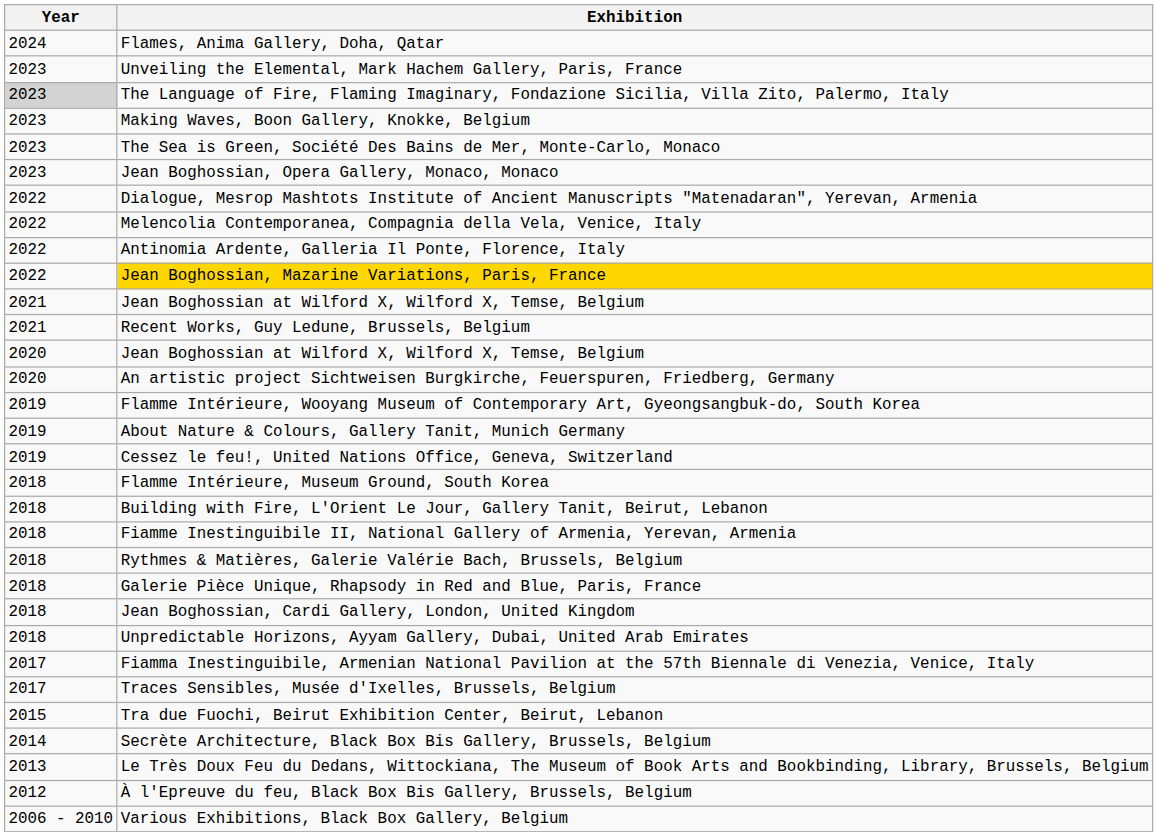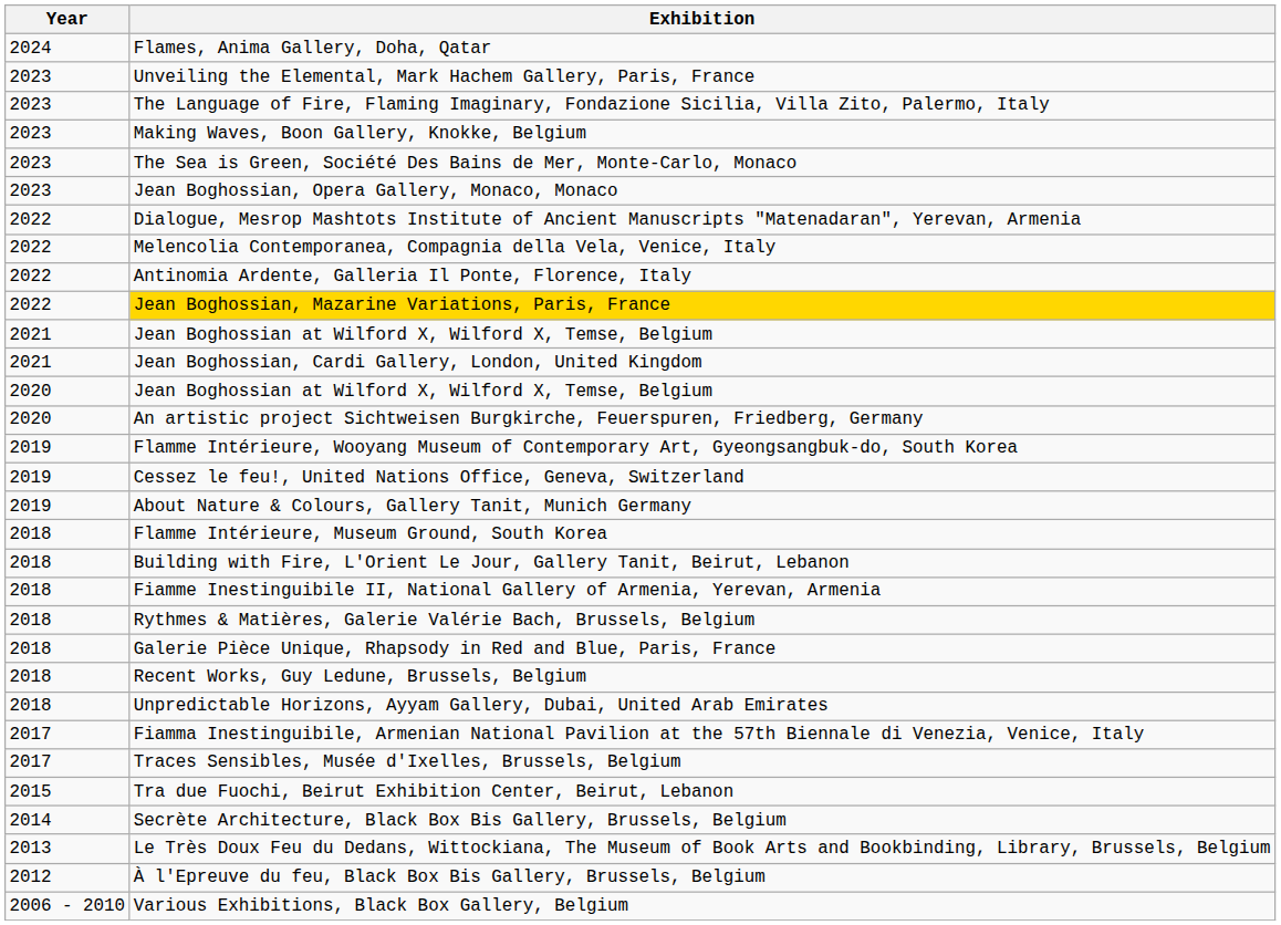 <table class="wikitable">
 <tr>
 <th>Year</th>
 <th>Exhibition</th>
 </tr>
 <tr>
 <td>2024</td>
 <td>Flames, Anima Gallery, Doha, Qatar</td>
 </tr>
 <tr>
 <td>2023</td>
 <td>Unveiling the Elemental, Mark Hachem Gallery, Paris, France</td>
 </tr>
 <tr>
-<td style="background: lightgrey;">2023</td>
+<td>2023</td>
 <td>The Language of Fire, Flaming Imaginary, Fondazione Sicilia, Villa Zito, Palermo, Italy</td>
 </tr>
 <tr>
 <td>2023</td>
 <td>Making Waves, Boon Gallery, Knokke, Belgium</td>
 </tr>
 <tr>
 <td>2023</td>
 <td>The Sea is Green, Société Des Bains de Mer, Monte-Carlo, Monaco</td>
 </tr>
 <tr>
 <td>2023</td>
 <td>Jean Boghossian, Opera Gallery, Monaco, Monaco</td>
 </tr>
 <tr>
 <td>2022</td>
 <td>Dialogue, Mesrop Mashtots Institute of Ancient Manuscripts "Matenadaran", Yerevan, Armenia</td>
 </tr>
 <tr>
 <td>2022</td>
 <td>Melencolia Contemporanea, Compagnia della Vela, Venice, Italy</td>
 </tr>
 <tr>
 <td>2022</td>
 <td>Antinomia Ardente, Galleria Il Ponte, Florence, Italy</td>
 </tr>
 <tr>
 <td>2022</td>
 <td style="background: gold;">Jean Boghossian, Mazarine Variations, Paris, France</td>
 </tr>
 <tr>
 <td>2021</td>
 <td>Jean Boghossian at Wilford X, Wilford X, Temse, Belgium</td>
 </tr>
 <tr>
 <td>2021</td>
-<td>Recent Works, Guy Ledune, Brussels, Belgium</td>
+<td>Jean Boghossian, Cardi Gallery, London, United Kingdom</td>
 </tr>
 <tr>
 <td>2020</td>
 <td>Jean Boghossian at Wilford X, Wilford X, Temse, Belgium</td>
 </tr>
 <tr>
 <td>2020</td>
 <td>An artistic project Sichtweisen Burgkirche, Feuerspuren, Friedberg, Germany</td>
 </tr>
 <tr>
 <td>2019</td>
 <td>Flamme Intérieure, Wooyang Museum of Contemporary Art, Gyeongsangbuk-do, South Korea</td>
 </tr>
 <tr>
 <td>2019</td>
-<td>About Nature & Colours, Gallery Tanit, Munich Germany</td>
+<td>Cessez le feu!, United Nations Office, Geneva, Switzerland</td>
 </tr>
 <tr>
 <td>2019</td>
-<td>Cessez le feu!, United Nations Office, Geneva, Switzerland</td>
+<td>About Nature & Colours, Gallery Tanit, Munich Germany</td>
 </tr>
 <tr>
 <td>2018</td>
 <td>Flamme Intérieure, Museum Ground, South Korea</td>
 </tr>
 <tr>
 <td>2018</td>
 <td>Building with Fire, L'Orient Le Jour, Gallery Tanit, Beirut, Lebanon</td>
 </tr>
 <tr>
 <td>2018</td>
 <td>Fiamme Inestinguibile II, National Gallery of Armenia, Yerevan, Armenia</td>
 </tr>
 <tr>
 <td>2018</td>
 <td>Rythmes & Matières, Galerie Valérie Bach, Brussels, Belgium</td>
 </tr>
 <tr>
 <td>2018</td>
 <td>Galerie Pièce Unique, Rhapsody in Red and Blue, Paris, France</td>
 </tr>
 <tr>
 <td>2018</td>
-<td>Jean Boghossian, Cardi Gallery, London, United Kingdom</td>
+<td>Recent Works, Guy Ledune, Brussels, Belgium</td>
 </tr>
 <tr>
 <td>2018</td>
 <td>Unpredictable Horizons, Ayyam Gallery, Dubai, United Arab Emirates</td>
 </tr>
 <tr>
 <td>2017</td>
 <td>Fiamma Inestinguibile, Armenian National Pavilion at the 57th Biennale di Venezia, Venice, Italy</td>
 </tr>
 <tr>
 <td>2017</td>
 <td>Traces Sensibles, Musée d'Ixelles, Brussels, Belgium</td>
 </tr>
 <tr>
 <td>2015</td>
 <td>Tra due Fuochi, Beirut Exhibition Center, Beirut, Lebanon</td>
 </tr>
 <tr>
 <td>2014</td>
 <td>Secrète Architecture, Black Box Bis Gallery, Brussels, Belgium</td>
 </tr>
 <tr>
 <td>2013</td>
 <td>Le Très Doux Feu du Dedans, Wittockiana, The Museum of Book Arts and Bookbinding, Library, Brussels, Belgium</td>
 </tr>
 <tr>
 <td>2012</td>
 <td>À l'Epreuve du feu, Black Box Bis Gallery, Brussels, Belgium</td>
 </tr>
 <tr>
 <td>2006 - 2010</td>
 <td>Various Exhibitions, Black Box Gallery, Belgium</td>
 </tr>
 </table>
